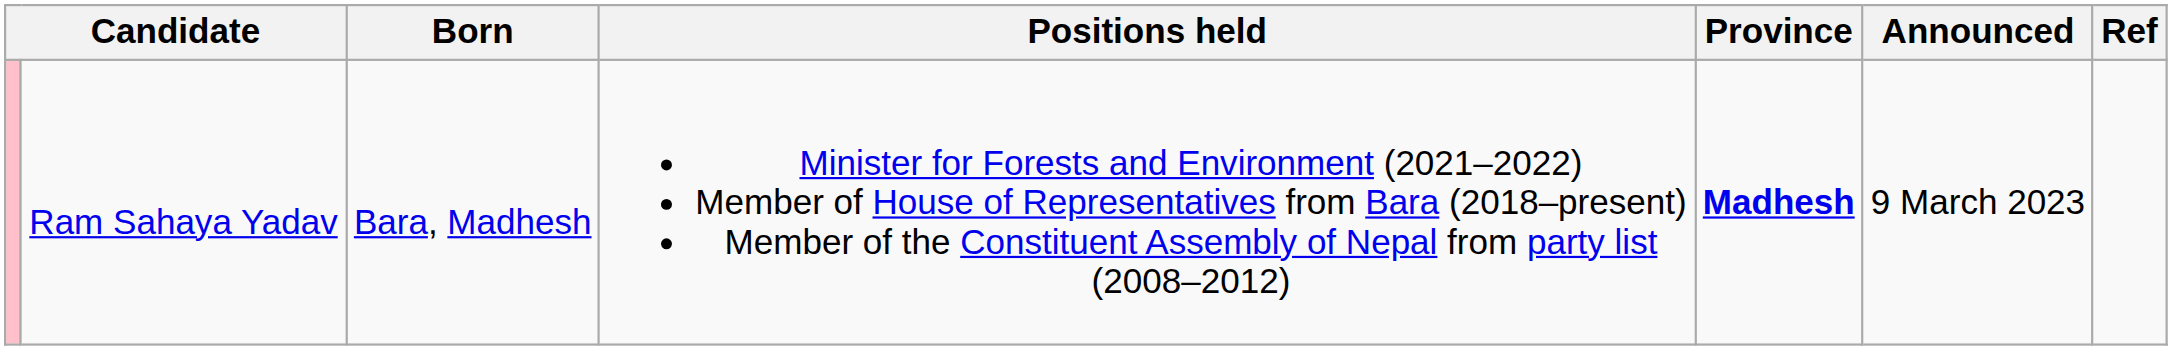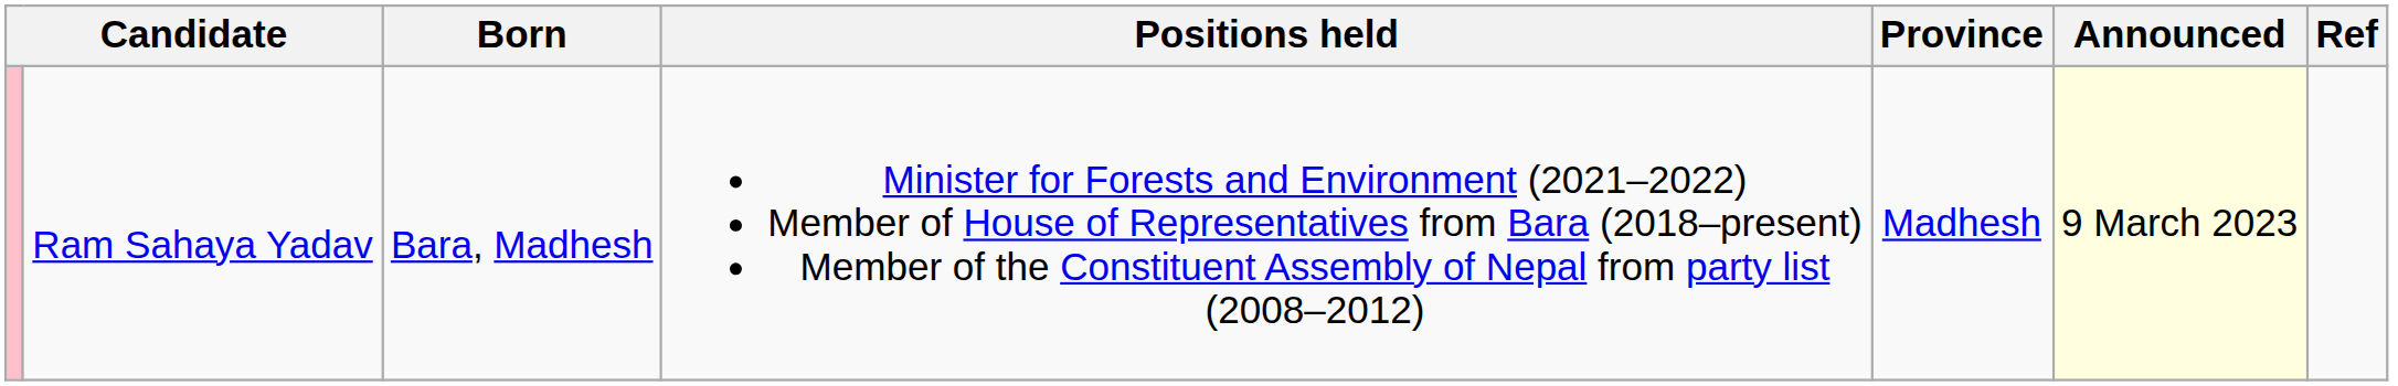 <table class="wikitable sortable"  style="text-align:center">
 <tr>
 <th colspan="2">Candidate</th>
 <th>Born</th>
 <th>Positions held</th>
 <th>Province</th>
 <th>Announced</th>
 <th class="unsortable">Ref</th>
 </tr>
 <tr>
 <td bgcolor="Pink"></td>
 <td><br><a href='#'>Ram Sahaya Yadav</a></td>
 <td><br><a href='#'>Bara</a>, <a href='#'>Madhesh</a></td>
 <td><br><ul><li><a href='#'>Minister for Forests and Environment</a> (2021–2022)</li><li>Member of <a href='#'>House of Representatives</a> from <a href='#'>Bara</a> (2018–present)</li><li>Member of the <a href='#'>Constituent Assembly of Nepal</a> from <a href='#'>party list</a> <br>(2008–2012)</li></ul></td>
-<td><strong><a href='#'>Madhesh</a></strong></td>
-<td>9 March 2023</td>
+<td><a href='#'>Madhesh</a></td>
+<td style="background: lightyellow;">9 March 2023</td>
 <td></td>
 </tr>
 </table>
